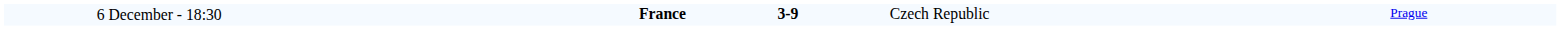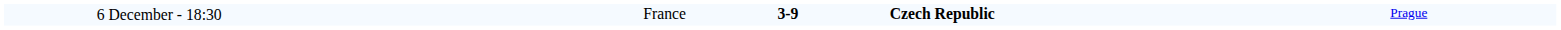 <table style="width: 100%; background:#F5FAFF;" cellspacing="0">
 <tr>
 <td align=center rowspan=3 width=20%>6 December - 18:30</td>
 </tr>
 <tr>
-<td width=24% align=right><strong>France </strong></td>
+<td width=24% align=right>France </td>
 <td align=center width=13%><strong>3-9</strong></td>
-<td width=24%> Czech Republic</td>
+<td width=24%><strong> Czech Republic</strong></td>
 <td style=font-size:85% rowspan=3 valign=top align=center><a href='#'>Prague</a></td>
 </tr>
 <tr style=font-size:85%>
 <td align=right valign=top></td>
 <td></td>
 <td></td>
 </tr>
 </table>
